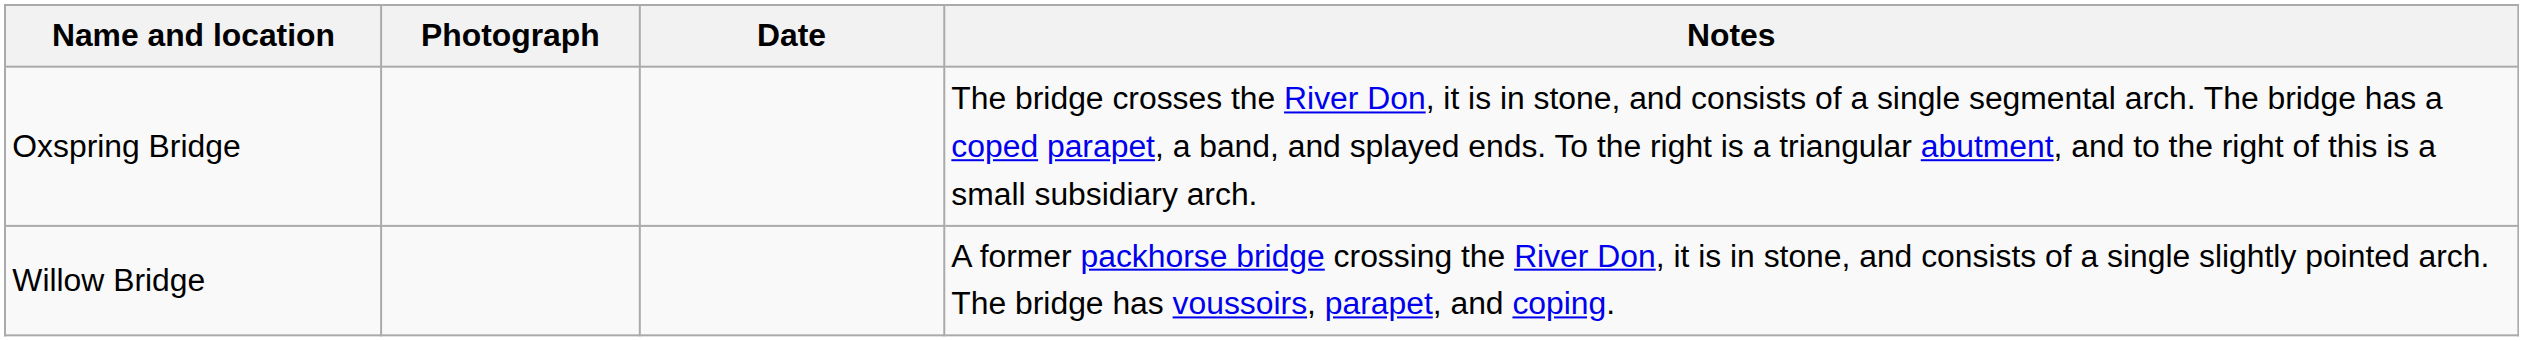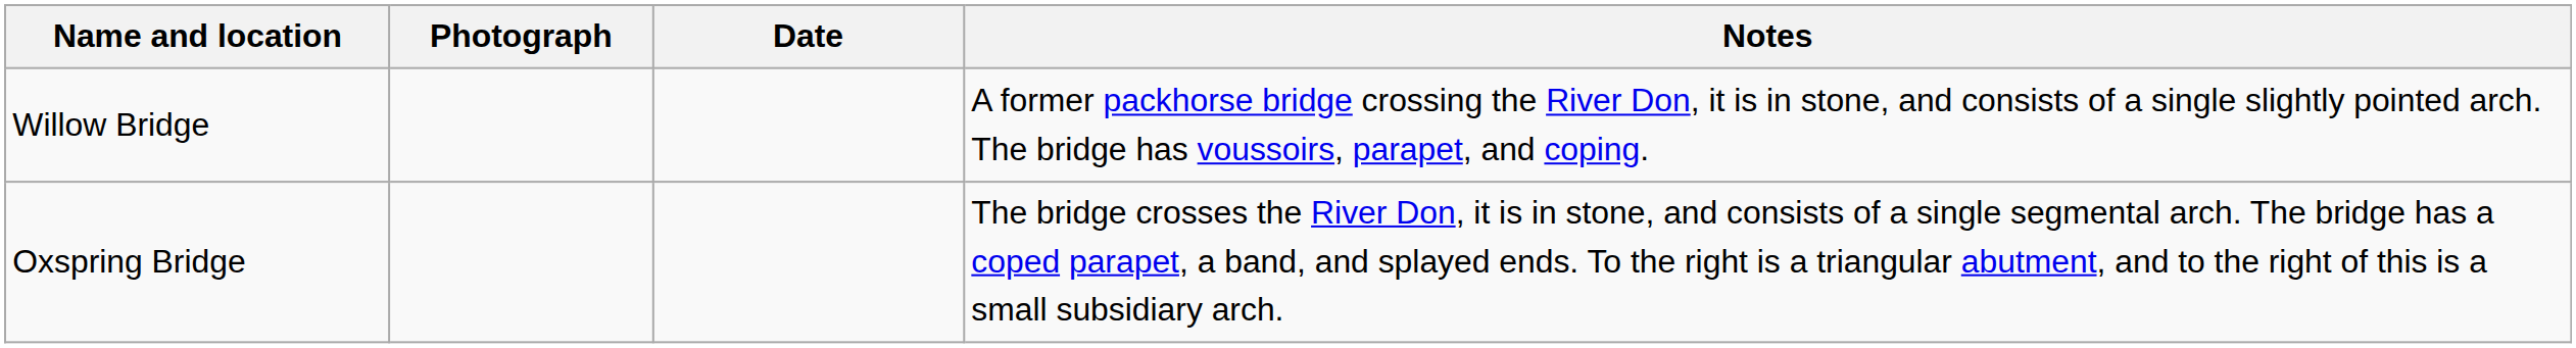 <table class="wikitable sortable plainrowheaders" style="width:100%;border:0px;text-align:left;line-height:150%;">
 <tr>
 <th scope="col"  style="width:150px">Name and location</th>
 <th scope="col"  style="width:100px" class="unsortable">Photograph</th>
 <th scope="col"  style="width:120px">Date</th>
 <th scope="col"  style="width:650px" class="unsortable">Notes</th>
 </tr>
 <tr>
+<td>Willow Bridge<br><small></small></td>
+<td></td>
+<td align="center"></td>
+<td>A former <a href='#'>packhorse bridge</a> crossing the <a href='#'>River Don</a>, it is in stone, and consists of a single slightly pointed arch.  The bridge has <a href='#'>voussoirs</a>, <a href='#'>parapet</a>, and <a href='#'>coping</a>.</td>
+</tr>
+<tr>
 <td>Oxspring Bridge<br><small></small></td>
 <td></td>
 <td align="center"></td>
 <td>The bridge crosses the <a href='#'>River Don</a>, it is in stone, and consists of a single segmental arch.  The bridge has a <a href='#'>coped</a> <a href='#'>parapet</a>, a band, and splayed ends.  To the right is a triangular <a href='#'>abutment</a>, and to the right of this is a small subsidiary arch.</td>
 </tr>
 <tr>
-<td>Willow Bridge<br><small></small></td>
-<td></td>
-<td align="center"></td>
-<td>A former <a href='#'>packhorse bridge</a> crossing the <a href='#'>River Don</a>, it is in stone, and consists of a single slightly pointed arch.  The bridge has <a href='#'>voussoirs</a>, <a href='#'>parapet</a>, and <a href='#'>coping</a>.</td>
-</tr>
-<tr>
 </tr>
 </table>
